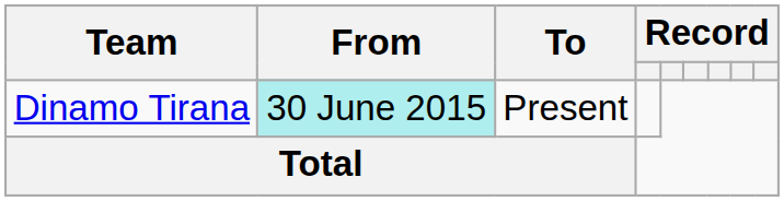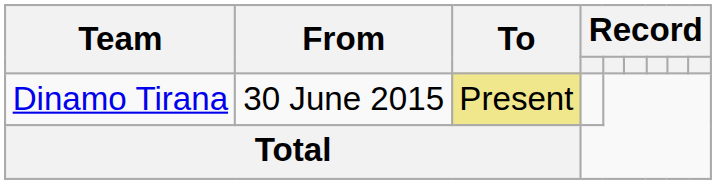 <table class="wikitable" style="text-align: center">
 <tr>
 <th rowspan="2">Team</th>
 <th rowspan="2">From</th>
 <th rowspan="2">To</th>
 <th colspan="6">Record</th>
 </tr>
 <tr>
 <th></th>
 <th></th>
 <th></th>
 <th></th>
 <th></th>
 <th></th>
 </tr>
 <tr>
 <td><a href='#'>Dinamo Tirana</a></td>
-<td style="background: paleturquoise;">30 June 2015</td>
-<td>Present<br></td>
+<td>30 June 2015</td>
+<td style="background: khaki;">Present<br></td>
 <td></td>
 </tr>
 <tr>
 <th colspan="3">Total<br></th>
 </tr>
 </table>
